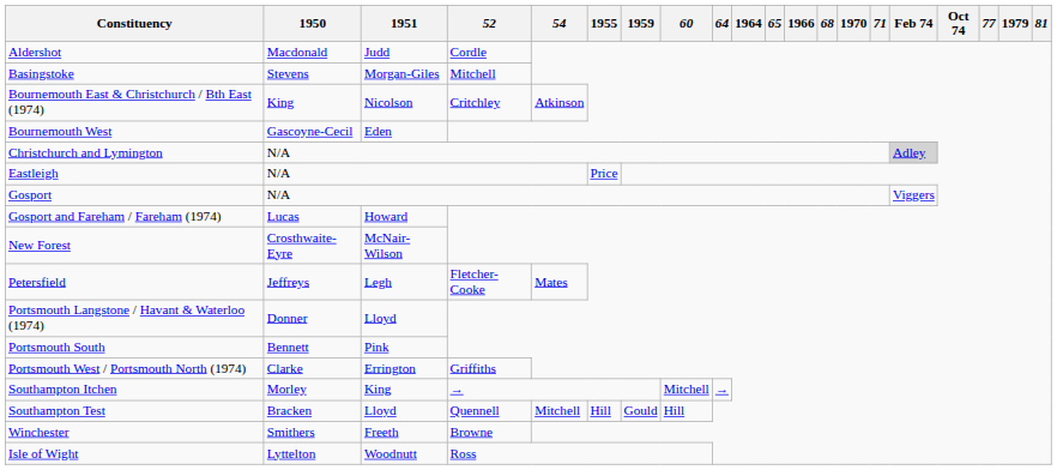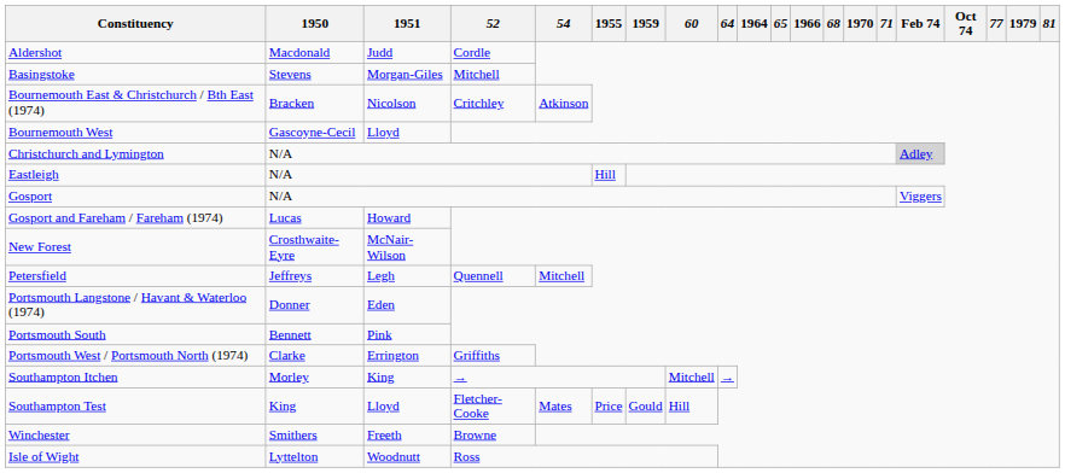 <table class="wikitable">
 <tr>
 <th>Constituency</th>
 <th>1950</th>
 <th>1951</th>
 <th><em>52</em></th>
 <th><em>54</em></th>
 <th>1955</th>
 <th>1959</th>
 <th><em>60</em></th>
 <th><em>64</em></th>
 <th>1964</th>
 <th><em>65</em></th>
 <th>1966</th>
 <th><em>68</em></th>
 <th>1970</th>
 <th><em>71</em></th>
 <th>Feb 74</th>
 <th>Oct 74</th>
 <th><em>77</em></th>
 <th>1979</th>
 <th><em>81</em></th>
 </tr>
 <tr>
 <td><a href='#'>Aldershot</a></td>
 <td><a href='#'>Macdonald</a></td>
 <td><a href='#'>Judd</a></td>
 <td><a href='#'>Cordle</a></td>
 </tr>
 <tr>
 <td><a href='#'>Basingstoke</a></td>
 <td><a href='#'>Stevens</a></td>
 <td><a href='#'>Morgan-Giles</a></td>
 <td><a href='#'>Mitchell</a></td>
 </tr>
 <tr>
 <td><a href='#'>Bournemouth East & Christchurch</a> / <a href='#'>Bth East</a> (1974)</td>
-<td><a href='#'>King</a></td>
+<td><a href='#'>Bracken</a></td>
 <td><a href='#'>Nicolson</a></td>
 <td><a href='#'>Critchley</a></td>
 <td><a href='#'>Atkinson</a></td>
 </tr>
 <tr>
 <td><a href='#'>Bournemouth West</a></td>
 <td><a href='#'>Gascoyne-Cecil</a></td>
-<td><a href='#'>Eden</a></td>
+<td><a href='#'>Lloyd</a></td>
 </tr>
 <tr>
 <td><a href='#'>Christchurch and Lymington</a></td>
 <td colspan="14">N/A</td>
 <td style="background: lightgrey;"><a href='#'>Adley</a></td>
 </tr>
 <tr>
 <td><a href='#'>Eastleigh</a></td>
 <td colspan="4">N/A</td>
-<td><a href='#'>Price</a></td>
+<td><a href='#'>Hill</a></td>
 </tr>
 <tr>
 <td><a href='#'>Gosport</a></td>
 <td colspan="14">N/A</td>
 <td><a href='#'>Viggers</a></td>
 </tr>
 <tr>
 <td><a href='#'>Gosport and Fareham</a> / <a href='#'>Fareham</a> (1974)</td>
 <td><a href='#'>Lucas</a></td>
 <td><a href='#'>Howard</a></td>
 </tr>
 <tr>
 <td><a href='#'>New Forest</a></td>
 <td><a href='#'>Crosthwaite-Eyre</a></td>
 <td><a href='#'>McNair-Wilson</a></td>
 </tr>
 <tr>
 <td><a href='#'>Petersfield</a></td>
 <td><a href='#'>Jeffreys</a></td>
 <td><a href='#'>Legh</a></td>
-<td><a href='#'>Fletcher-Cooke</a></td>
-<td><a href='#'>Mates</a></td>
+<td><a href='#'>Quennell</a></td>
+<td><a href='#'>Mitchell</a></td>
 </tr>
 <tr>
 <td><a href='#'>Portsmouth Langstone</a> / <a href='#'>Havant & Waterloo</a> (1974)</td>
 <td><a href='#'>Donner</a></td>
-<td><a href='#'>Lloyd</a></td>
+<td><a href='#'>Eden</a></td>
 </tr>
 <tr>
 <td><a href='#'>Portsmouth South</a></td>
 <td><a href='#'>Bennett</a></td>
 <td><a href='#'>Pink</a></td>
 </tr>
 <tr>
 <td><a href='#'>Portsmouth West</a> / <a href='#'>Portsmouth North</a> (1974)</td>
 <td><a href='#'>Clarke</a></td>
 <td><a href='#'>Errington</a></td>
 <td><a href='#'>Griffiths</a></td>
 </tr>
 <tr>
 <td><a href='#'>Southampton Itchen</a></td>
 <td><a href='#'>Morley</a></td>
 <td><a href='#'>King</a></td>
 <td colspan="4"><a href='#'>→</a></td>
 <td><a href='#'>Mitchell</a></td>
 <td><a href='#'>→</a></td>
 </tr>
 <tr>
 <td><a href='#'>Southampton Test</a></td>
-<td><a href='#'>Bracken</a></td>
+<td><a href='#'>King</a></td>
 <td><a href='#'>Lloyd</a></td>
-<td><a href='#'>Quennell</a></td>
-<td><a href='#'>Mitchell</a></td>
-<td><a href='#'>Hill</a></td>
+<td><a href='#'>Fletcher-Cooke</a></td>
+<td><a href='#'>Mates</a></td>
+<td><a href='#'>Price</a></td>
 <td><a href='#'>Gould</a></td>
 <td><a href='#'>Hill</a></td>
 </tr>
 <tr>
 <td><a href='#'>Winchester</a></td>
 <td><a href='#'>Smithers</a></td>
 <td><a href='#'>Freeth</a></td>
 <td><a href='#'>Browne</a></td>
 </tr>
 <tr>
 <td><a href='#'>Isle of Wight</a></td>
 <td><a href='#'>Lyttelton</a></td>
 <td><a href='#'>Woodnutt</a></td>
 <td colspan="5"><a href='#'>Ross</a></td>
 </tr>
 </table>
